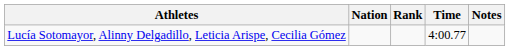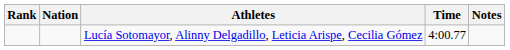 <table class="wikitable sortable" style="text-align:center;font-size:95%">
 <tr>
+<th>Rank</th>
+<th>Nation</th>
 <th>Athletes</th>
-<th>Nation</th>
-<th>Rank</th>
 <th>Time</th>
 <th>Notes</th>
 </tr>
 <tr>
+<td></td>
+<td align=left></td>
 <td align=left><a href='#'>Lucía Sotomayor</a>, <a href='#'>Alinny Delgadillo</a>, <a href='#'>Leticia Arispe</a>, <a href='#'>Cecilia Gómez</a></td>
-<td align=left></td>
-<td></td>
 <td>4:00.77</td>
 <td></td>
 </tr>
 </table>
